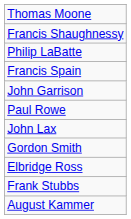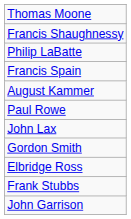 <table class=wikitable style=font-size:90%>
 <tr>
 <td><a href='#'>Thomas Moone</a></td>
 </tr>
 <tr>
 <td><a href='#'>Francis Shaughnessy</a></td>
 </tr>
 <tr>
 <td><a href='#'>Philip LaBatte</a></td>
 </tr>
 <tr>
 <td><a href='#'>Francis Spain</a></td>
 </tr>
 <tr>
-<td><a href='#'>John Garrison</a></td>
+<td><a href='#'>August Kammer</a></td>
 </tr>
 <tr>
 <td><a href='#'>Paul Rowe</a></td>
 </tr>
 <tr>
 <td><a href='#'>John Lax</a></td>
 </tr>
 <tr>
 <td><a href='#'>Gordon Smith</a></td>
 </tr>
 <tr>
 <td><a href='#'>Elbridge Ross</a></td>
 </tr>
 <tr>
 <td><a href='#'>Frank Stubbs</a></td>
 </tr>
 <tr>
-<td><a href='#'>August Kammer</a></td>
+<td><a href='#'>John Garrison</a></td>
 </tr>
 </table>
